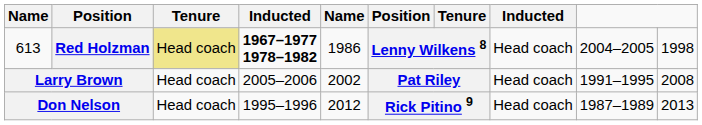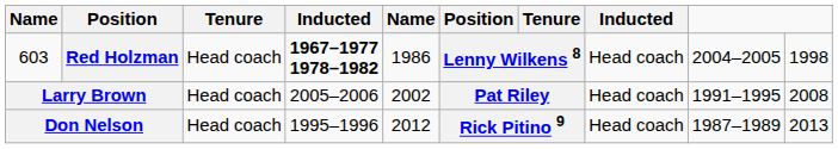 <table class="wikitable" style="text-align:center">
 <tr>
 <th scope="col">Name</th>
 <th scope="col">Position</th>
 <th scope="col">Tenure</th>
 <th scope="col">Inducted</th>
 <th scope="col">Name</th>
 <th scope="col">Position</th>
 <th scope="col">Tenure</th>
 <th scope="col">Inducted</th>
 </tr>
 <tr>
-<td>613</td>
+<td>603</td>
 <th scope="row"><a href='#'>Red Holzman</a></th>
-<td style="background: khaki;">Head coach</td>
+<td>Head coach</td>
 <td><strong>1967–1977<br>1978–1982</strong></td>
 <td>1986</td>
 <th scope="row" colspan="2"><a href='#'>Lenny Wilkens</a> <sup>8</sup></th>
 <td>Head coach</td>
 <td>2004–2005</td>
 <td>1998</td>
 </tr>
 <tr>
 <th scope="row" colspan="2"><a href='#'>Larry Brown</a></th>
 <td>Head coach</td>
 <td>2005–2006</td>
 <td>2002</td>
 <th scope="row" colspan="2"><a href='#'>Pat Riley</a></th>
 <td>Head coach</td>
 <td>1991–1995</td>
 <td>2008</td>
 </tr>
 <tr>
 <th scope="row" colspan="2"><a href='#'>Don Nelson</a></th>
 <td>Head coach</td>
 <td>1995–1996</td>
 <td>2012</td>
 <th scope="row" colspan="2"><a href='#'>Rick Pitino</a> <sup>9</sup></th>
 <td>Head coach</td>
 <td>1987–1989</td>
 <td>2013</td>
 </tr>
 </table>
